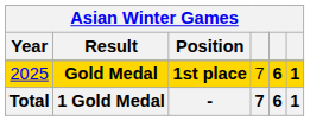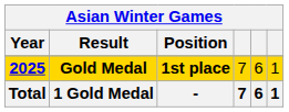 <table class="wikitable" style="text-align: center;">
 <tr>
 <th colspan=10><a href='#'>Asian Winter Games</a></th>
 </tr>
 <tr>
 <th>Year</th>
 <th>Result</th>
 <th>Position</th>
 <th></th>
 <th></th>
 <th></th>
 </tr>
 <tr>
 </tr>
 <tr style="background:gold;">
-<td> <a href='#'>2025</a></td>
+<td><strong> <a href='#'>2025</a></strong></td>
 <td><strong>Gold Medal</strong></td>
 <td><strong>1st place</strong></td>
 <td>7</td>
-<td><strong>6</strong></td>
-<td><strong>1</strong></td>
+<td>6</td>
+<td>1</td>
 </tr>
 <tr>
 <th>Total</th>
 <th>1 Gold Medal</th>
 <th>-</th>
 <th>7</th>
 <th>6</th>
 <th>1</th>
 </tr>
 </table>
